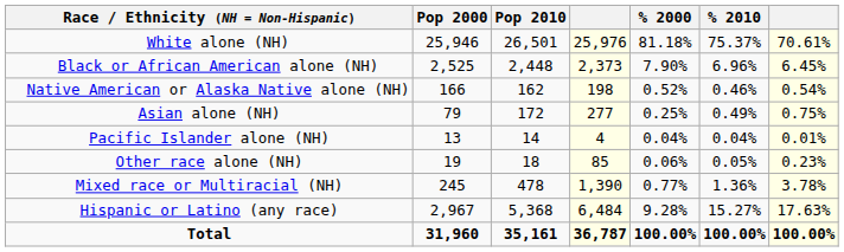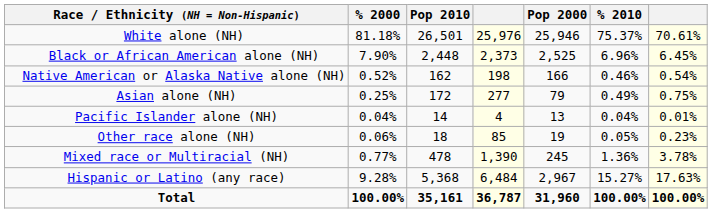 <table class="wikitable" style="text-align:center;">
 <tr>
 <th>Race / Ethnicity <small>(<em>NH = Non-Hispanic</em>)</small></th>
-<th>Pop 2000</th>
+<th>% 2000</th>
 <th>Pop 2010</th>
 <th></th>
-<th>% 2000</th>
+<th>Pop 2000</th>
 <th>% 2010</th>
 <th></th>
 </tr>
 <tr>
 <td>  <a href='#'>White</a> alone (NH)</td>
-<td>25,946</td>
+<td>81.18%</td>
 <td>26,501</td>
 <td style='background: #ffffe6;'>25,976</td>
-<td>81.18%</td>
+<td>25,946</td>
 <td>75.37%</td>
 <td style='background: #ffffe6;'>70.61%</td>
 </tr>
 <tr>
 <td>  <a href='#'>Black or African American</a> alone (NH)</td>
-<td>2,525</td>
+<td>7.90%</td>
 <td>2,448</td>
 <td style='background: #ffffe6;'>2,373</td>
-<td>7.90%</td>
+<td>2,525</td>
 <td>6.96%</td>
 <td style='background: #ffffe6;'>6.45%</td>
 </tr>
 <tr>
 <td>  <a href='#'>Native American</a> or <a href='#'>Alaska Native</a> alone (NH)</td>
-<td>166</td>
+<td>0.52%</td>
 <td>162</td>
 <td style='background: #ffffe6;'>198</td>
-<td>0.52%</td>
+<td>166</td>
 <td>0.46%</td>
 <td style='background: #ffffe6;'>0.54%</td>
 </tr>
 <tr>
 <td><a href='#'>Asian</a> alone (NH)</td>
-<td>79</td>
+<td>0.25%</td>
 <td>172</td>
 <td style='background: #ffffe6;'>277</td>
-<td>0.25%</td>
+<td>79</td>
 <td>0.49%</td>
 <td style='background: #ffffe6;'>0.75%</td>
 </tr>
 <tr>
 <td><a href='#'>Pacific Islander</a> alone (NH)</td>
-<td>13</td>
+<td>0.04%</td>
 <td>14</td>
 <td style='background: #ffffe6;'>4</td>
-<td>0.04%</td>
+<td>13</td>
 <td>0.04%</td>
 <td style='background: #ffffe6;'>0.01%</td>
 </tr>
 <tr>
 <td><a href='#'>Other race</a> alone (NH)</td>
-<td>19</td>
+<td>0.06%</td>
 <td>18</td>
 <td style='background: #ffffe6;'>85</td>
-<td>0.06%</td>
+<td>19</td>
 <td>0.05%</td>
 <td style='background: #ffffe6;'>0.23%</td>
 </tr>
 <tr>
 <td><a href='#'>Mixed race or Multiracial</a> (NH)</td>
-<td>245</td>
+<td>0.77%</td>
 <td>478</td>
 <td style='background: #ffffe6;'>1,390</td>
-<td>0.77%</td>
+<td>245</td>
 <td>1.36%</td>
 <td style='background: #ffffe6;'>3.78%</td>
 </tr>
 <tr>
 <td><a href='#'>Hispanic or Latino</a> (any race)</td>
-<td>2,967</td>
+<td>9.28%</td>
 <td>5,368</td>
 <td style='background: #ffffe6;'>6,484</td>
-<td>9.28%</td>
+<td>2,967</td>
 <td>15.27%</td>
 <td style='background: #ffffe6;'>17.63%</td>
 </tr>
 <tr>
 <td><strong>Total</strong></td>
-<td><strong>31,960</strong></td>
+<td><strong>100.00%</strong></td>
 <td><strong>35,161</strong></td>
 <td style='background: #ffffe6;'><strong>36,787</strong></td>
-<td><strong>100.00%</strong></td>
+<td><strong>31,960</strong></td>
 <td><strong>100.00%</strong></td>
 <td style='background: #ffffe6;'><strong>100.00%</strong></td>
 </tr>
 </table>
